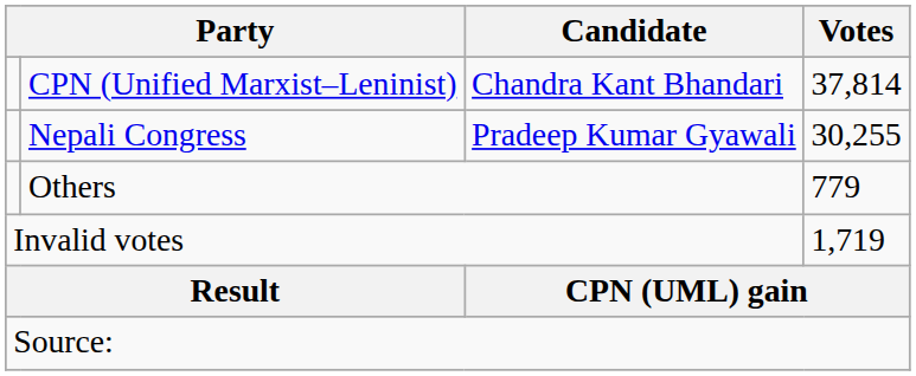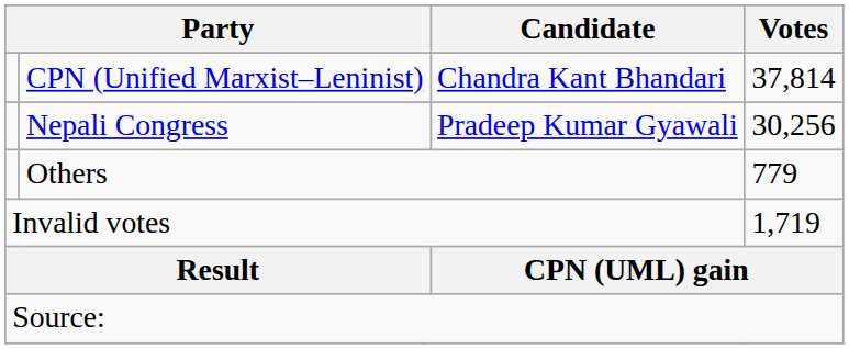 <table class="wikitable">
 <tr>
 <th colspan="2">Party</th>
 <th>Candidate</th>
 <th>Votes</th>
 </tr>
 <tr>
 <td style="background-color:"></td>
 <td><a href='#'>CPN (Unified Marxist–Leninist)</a></td>
 <td><a href='#'>Chandra Kant Bhandari</a></td>
 <td>37,814</td>
 </tr>
 <tr>
 <td style="background-color:"></td>
 <td><a href='#'>Nepali Congress</a></td>
 <td><a href='#'>Pradeep Kumar Gyawali</a></td>
-<td>30,255</td>
+<td>30,256</td>
 </tr>
 <tr>
 <td></td>
 <td colspan="2">Others</td>
 <td>779</td>
 </tr>
 <tr>
 <td colspan="3">Invalid votes</td>
 <td>1,719</td>
 </tr>
 <tr>
 <th colspan="2">Result</th>
 <th colspan="2">CPN (UML) gain</th>
 </tr>
 <tr>
 <td colspan="4">Source: </td>
 </tr>
 </table>
